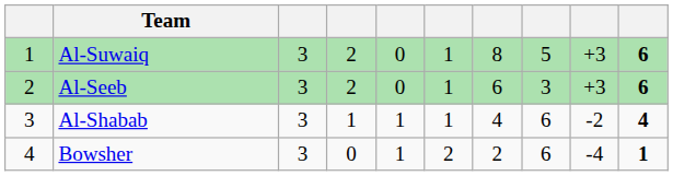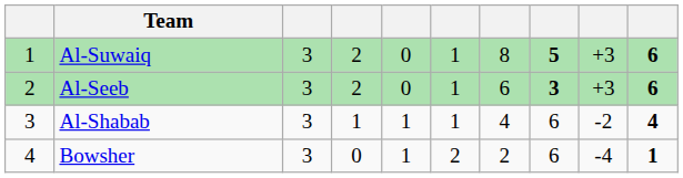 <table class="wikitable" style="text-align: center;">
 <tr>
 <th width=30></th>
 <th width=165>Team</th>
 <th width=30></th>
 <th width=30></th>
 <th width=30></th>
 <th width=30></th>
 <th width=30></th>
 <th width=30></th>
 <th width=30></th>
 <th width=30></th>
 </tr>
 <tr bgcolor=#ACE1AF>
 <td>1</td>
 <td align=left><a href='#'>Al-Suwaiq</a></td>
 <td>3</td>
 <td>2</td>
 <td>0</td>
 <td>1</td>
 <td>8</td>
-<td>5</td>
+<td><strong>5</strong></td>
 <td>+3</td>
 <td><strong>6</strong></td>
 </tr>
 <tr bgcolor=#ACE1AF>
 <td>2</td>
 <td align=left><a href='#'>Al-Seeb</a></td>
 <td>3</td>
 <td>2</td>
 <td>0</td>
 <td>1</td>
 <td>6</td>
-<td>3</td>
+<td><strong>3</strong></td>
 <td>+3</td>
 <td><strong>6</strong></td>
 </tr>
 <tr>
 <td>3</td>
 <td align=left><a href='#'>Al-Shabab</a></td>
 <td>3</td>
 <td>1</td>
 <td>1</td>
 <td>1</td>
 <td>4</td>
 <td>6</td>
 <td>-2</td>
 <td><strong>4</strong></td>
 </tr>
 <tr>
 <td>4</td>
 <td align=left><a href='#'>Bowsher</a></td>
 <td>3</td>
 <td>0</td>
 <td>1</td>
 <td>2</td>
 <td>2</td>
 <td>6</td>
 <td>-4</td>
 <td><strong>1</strong></td>
 </tr>
 </table>
